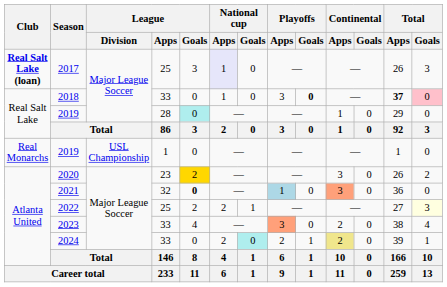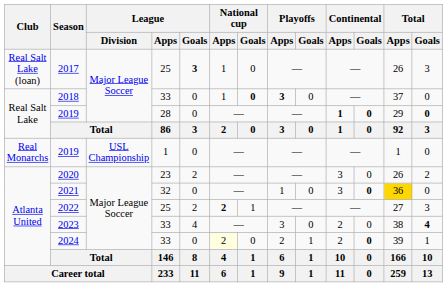 <table class="wikitable" style="text-align:center">
 <tr>
 <th rowspan="2">Club</th>
 <th rowspan="2">Season</th>
 <th colspan="3">League</th>
 <th colspan="2">National cup</th>
 <th colspan="2">Playoffs</th>
 <th colspan="2">Continental</th>
 <th colspan="2">Total</th>
 </tr>
 <tr>
 <th>Division</th>
 <th>Apps</th>
 <th>Goals</th>
 <th>Apps</th>
 <th>Goals</th>
 <th>Apps</th>
 <th>Goals</th>
 <th>Apps</th>
 <th>Goals</th>
 <th>Apps</th>
 <th>Goals</th>
 </tr>
 <tr>
-<td><strong><a href='#'>Real Salt Lake</a> (loan)</strong></td>
+<td><a href='#'>Real Salt Lake</a> (loan)</td>
 <td><a href='#'>2017</a></td>
 <td rowspan="3"><a href='#'>Major League Soccer</a></td>
 <td>25</td>
-<td>3</td>
-<td style="background: lavender;">1</td>
+<td><strong>3</strong></td>
+<td>1</td>
 <td>0</td>
 <td colspan="2">—</td>
 <td colspan="2">—</td>
 <td>26</td>
 <td>3</td>
 </tr>
 <tr>
 <td rowspan="3">Real Salt Lake</td>
 <td><a href='#'>2018</a></td>
 <td>33</td>
 <td>0</td>
 <td>1</td>
+<td><strong>0</strong></td>
+<td><strong>3</strong></td>
 <td>0</td>
-<td>3</td>
-<td><strong>0</strong></td>
 <td colspan="2">—</td>
-<td><strong>37</strong></td>
-<td style="background: pink;">0</td>
+<td>37</td>
+<td>0</td>
 </tr>
 <tr>
 <td><a href='#'>2019</a></td>
 <td>28</td>
-<td style="background: paleturquoise;">0</td>
+<td>0</td>
 <td colspan="2">—</td>
 <td colspan="2">—</td>
-<td>1</td>
-<td>0</td>
+<td><strong>1</strong></td>
+<td><strong>0</strong></td>
 <td>29</td>
-<td>0</td>
+<td><strong>0</strong></td>
 </tr>
 <tr>
 <th colspan="2">Total</th>
 <th>86</th>
 <th>3</th>
 <th>2</th>
 <th>0</th>
 <th>3</th>
 <th>0</th>
 <th>1</th>
 <th>0</th>
 <th>92</th>
 <th>3</th>
 </tr>
 <tr>
 <td><a href='#'>Real Monarchs</a></td>
 <td><a href='#'>2019</a></td>
 <td><a href='#'>USL Championship</a></td>
 <td>1</td>
 <td>0</td>
 <td colspan="2">—</td>
 <td colspan="2">—</td>
 <td colspan="2">—</td>
 <td>1</td>
 <td>0</td>
 </tr>
 <tr>
 <td rowspan="6"><a href='#'>Atlanta United</a></td>
 <td><a href='#'>2020</a></td>
 <td rowspan="5">Major League Soccer</td>
 <td>23</td>
-<td style="background: gold;">2</td>
+<td>2</td>
 <td colspan="2">—</td>
 <td colspan="2">—</td>
 <td>3</td>
 <td>0</td>
 <td>26</td>
 <td>2</td>
 </tr>
 <tr>
 <td><a href='#'>2021</a></td>
 <td>32</td>
+<td>0</td>
+<td colspan="2">—</td>
+<td>1</td>
+<td>0</td>
+<td>3</td>
 <td><strong>0</strong></td>
-<td colspan="2">—</td>
-<td style="background: lightblue;">1</td>
-<td>0</td>
-<td style="background: lightsalmon;">3</td>
-<td>0</td>
-<td>36</td>
+<td style="background: gold;">36</td>
 <td>0</td>
 </tr>
 <tr>
 <td><a href='#'>2022</a></td>
 <td>25</td>
 <td>2</td>
-<td>2</td>
+<td><strong>2</strong></td>
 <td>1</td>
 <td colspan="2">—</td>
 <td colspan="2">—</td>
 <td>27</td>
-<td style="background: lightyellow;">3</td>
+<td>3</td>
 </tr>
 <tr>
 <td><a href='#'>2023</a></td>
 <td>33</td>
 <td>4</td>
 <td colspan="2">—</td>
-<td style="background: lightsalmon;">3</td>
+<td>3</td>
 <td>0</td>
 <td>2</td>
 <td>0</td>
 <td>38</td>
-<td>4</td>
+<td><strong>4</strong></td>
 </tr>
 <tr>
 <td><a href='#'>2024</a></td>
 <td>33</td>
 <td>0</td>
-<td>2</td>
-<td style="background: paleturquoise;">0</td>
+<td style="background: lightyellow;">2</td>
+<td>0</td>
 <td>2</td>
 <td>1</td>
-<td style="background: khaki;">2</td>
-<td>0</td>
+<td>2</td>
+<td><strong>0</strong></td>
 <td>39</td>
 <td>1</td>
 </tr>
 <tr>
 <th colspan="2">Total</th>
 <th>146</th>
 <th>8</th>
 <th>4</th>
 <th>1</th>
 <th>6</th>
 <th>1</th>
 <th>10</th>
 <th>0</th>
 <th>166</th>
 <th>10</th>
 </tr>
 <tr>
 <th colspan="3">Career total</th>
 <th>233</th>
 <th>11</th>
 <th>6</th>
 <th>1</th>
 <th>9</th>
 <th>1</th>
 <th>11</th>
 <th>0</th>
 <th>259</th>
 <th>13</th>
 </tr>
 </table>
